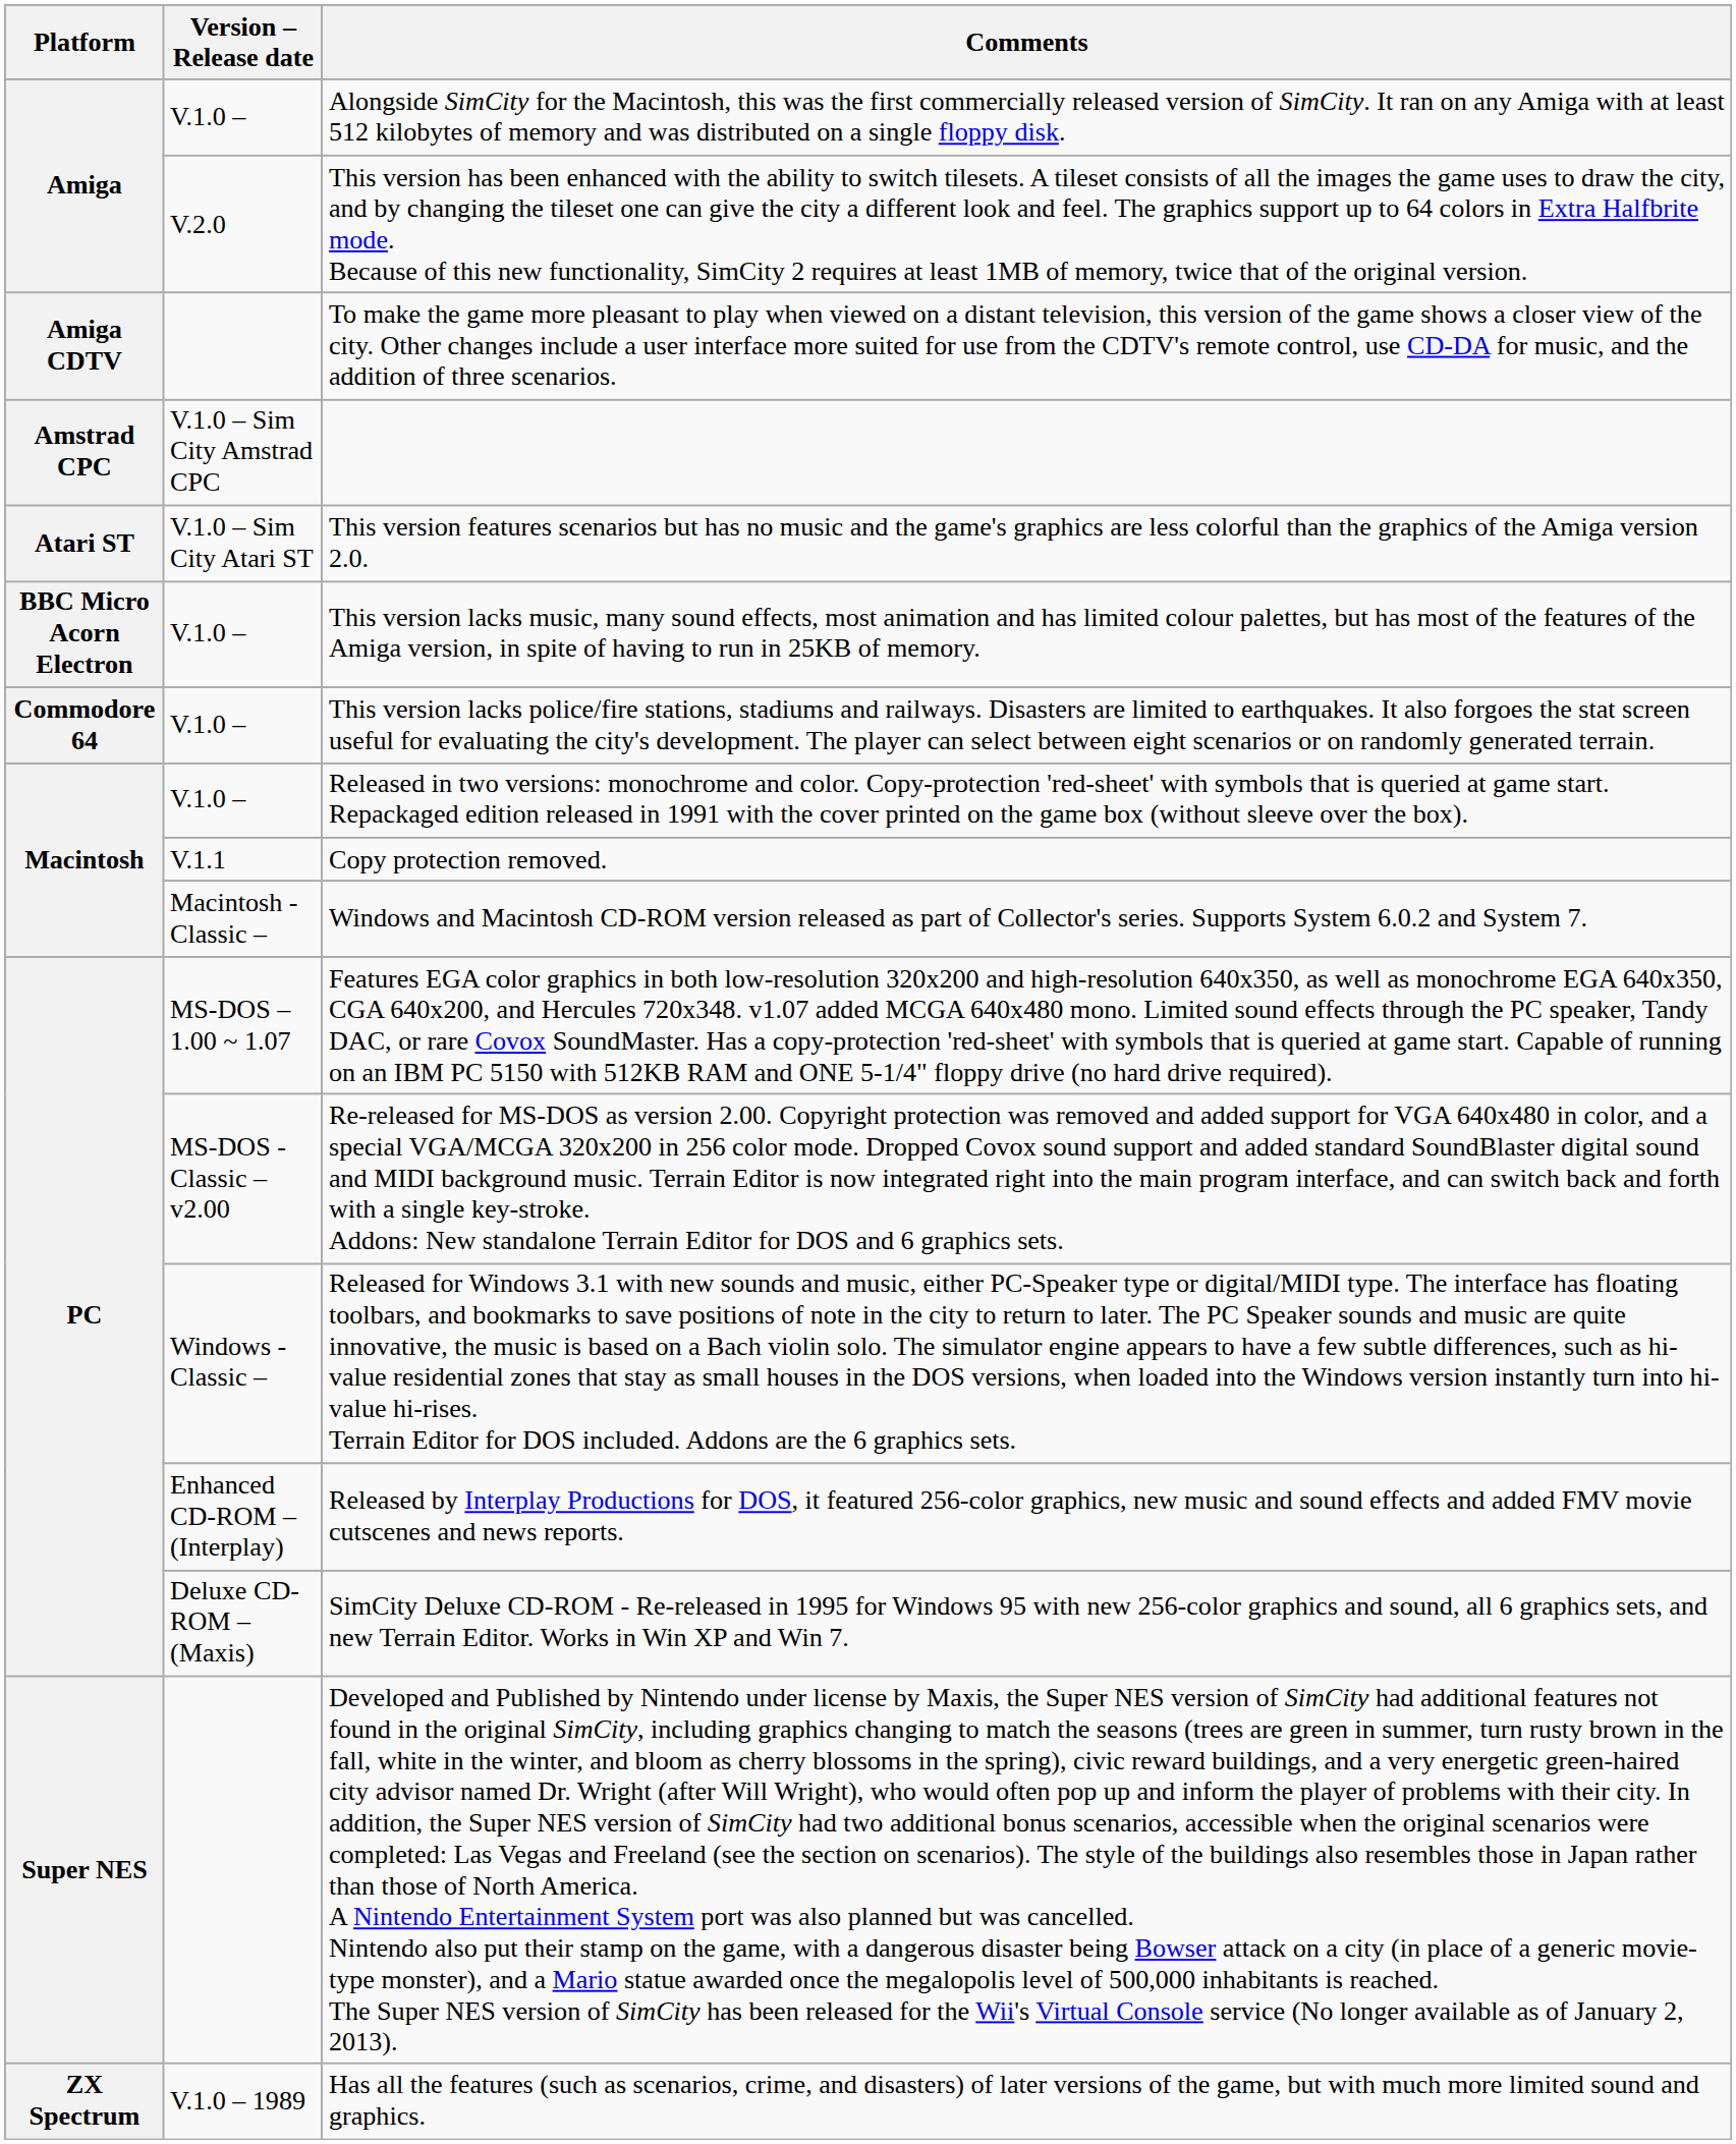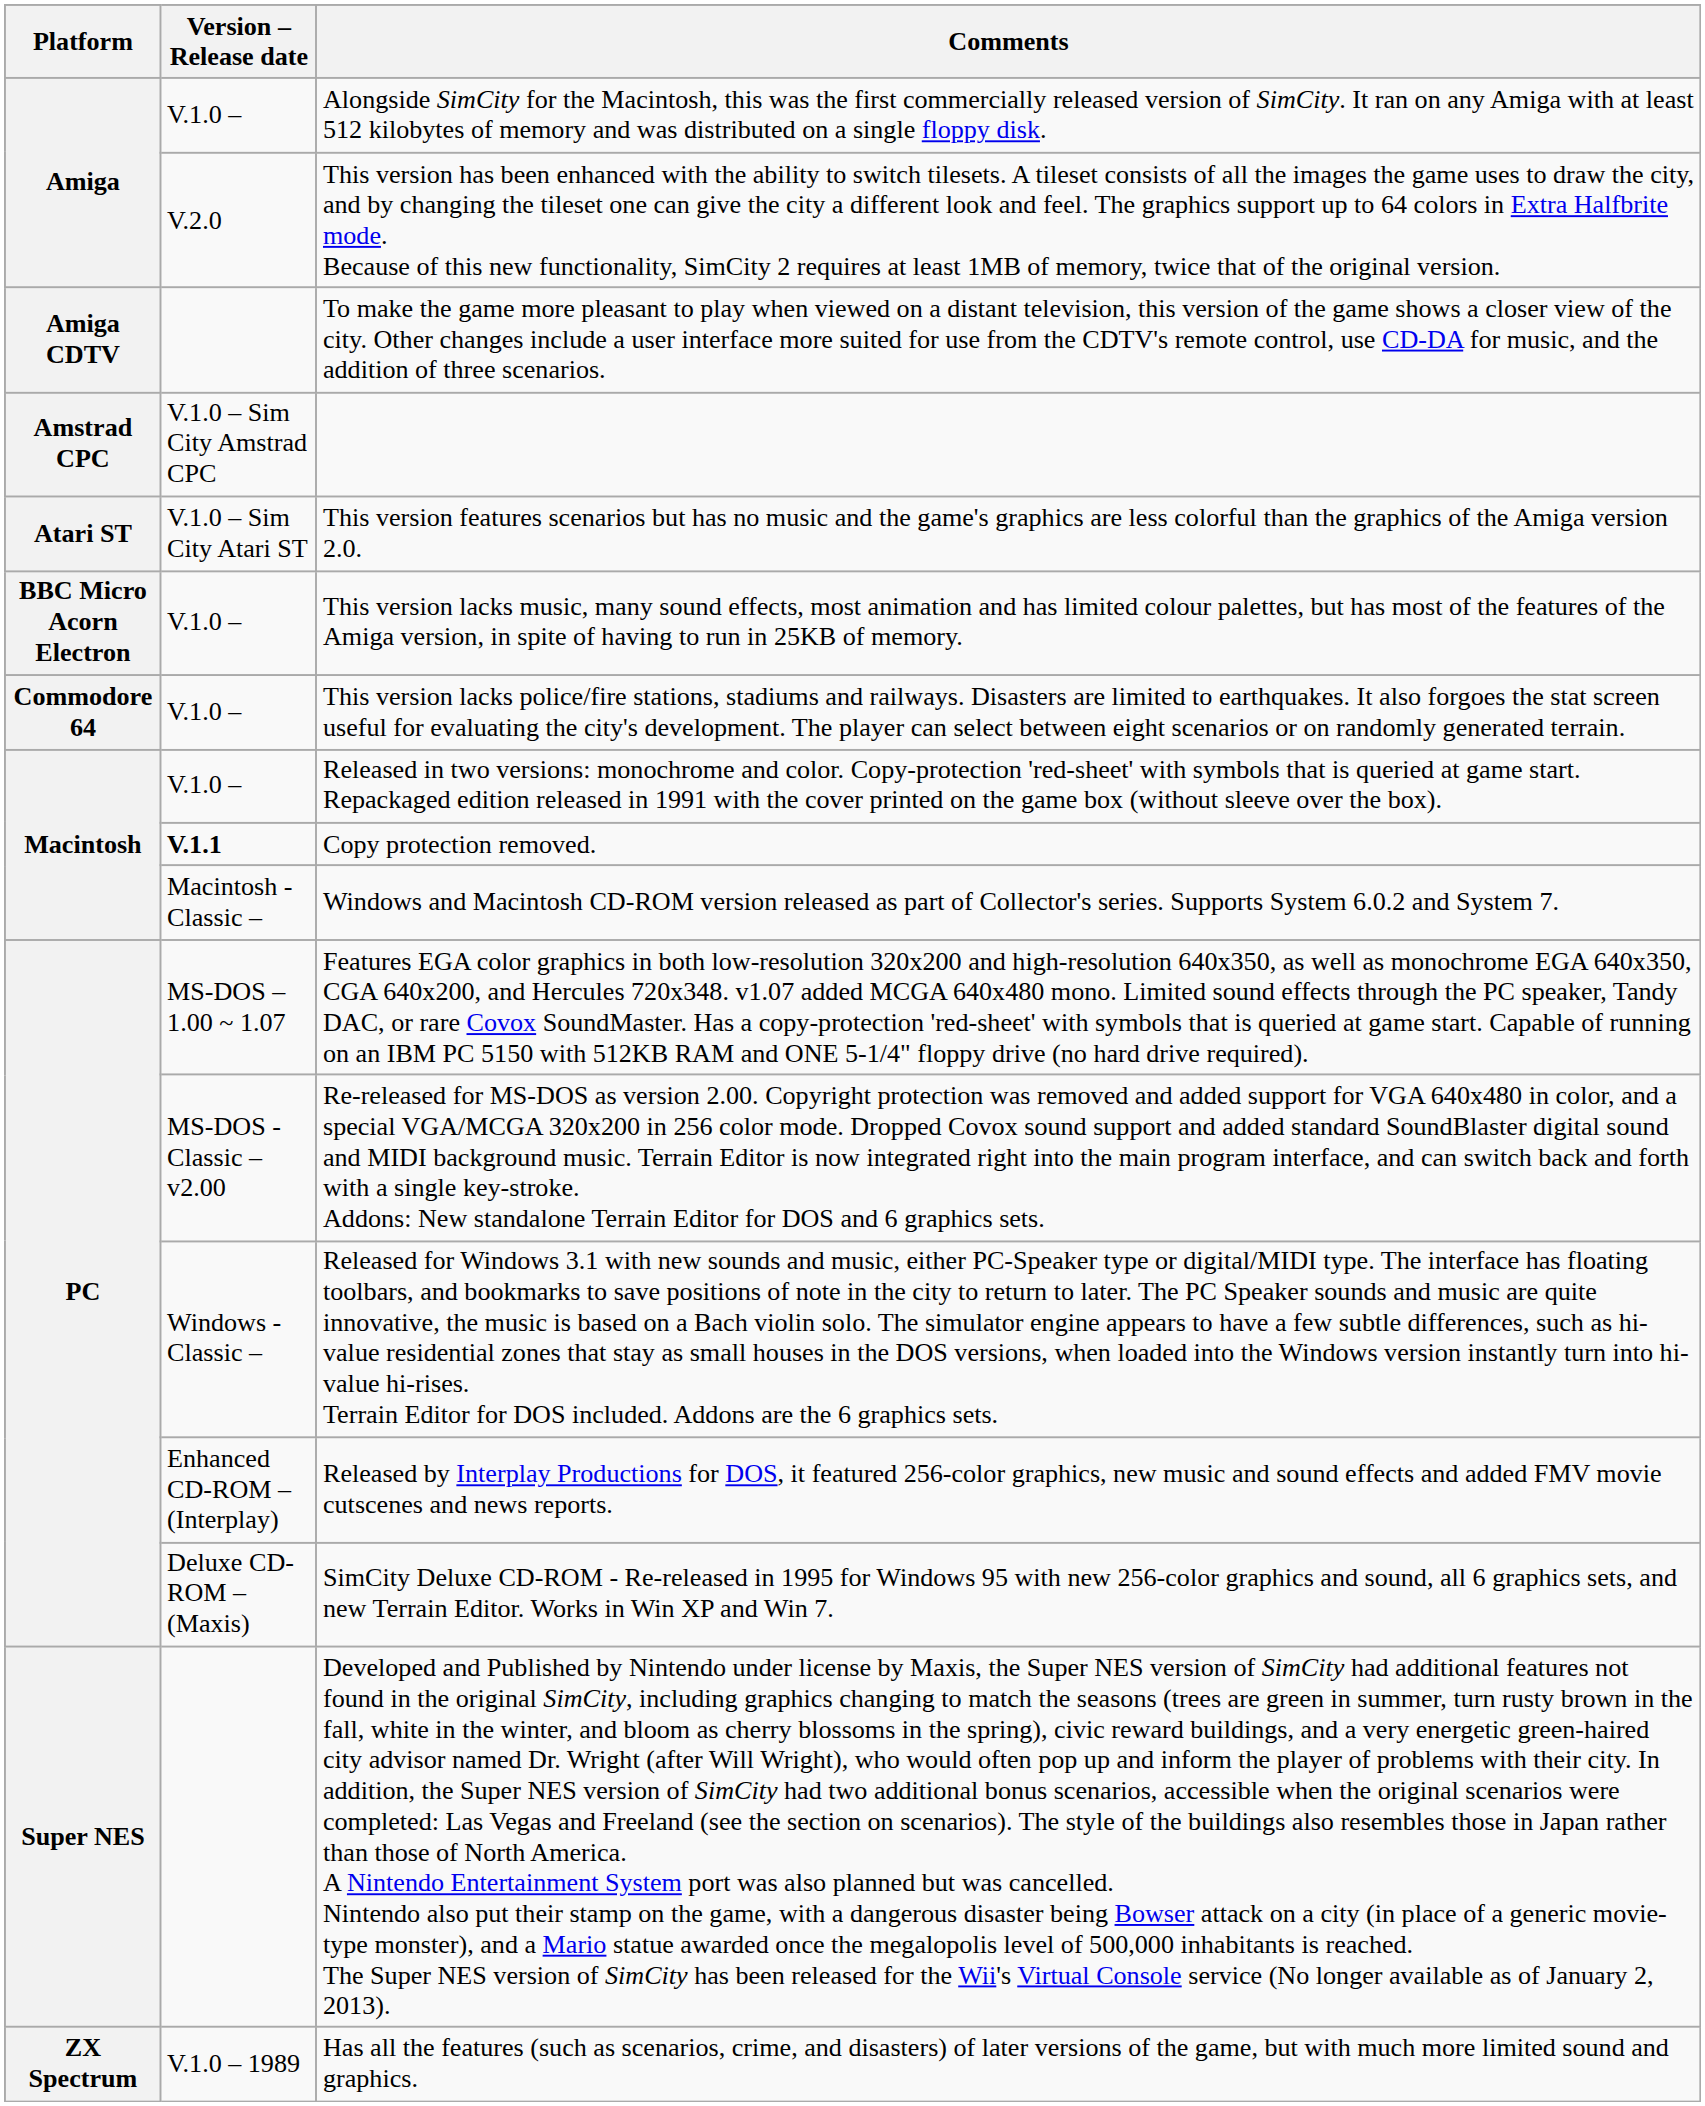 <table class="wikitable sortable" style="width:100%; margin-right:0; clear:both; font-size:85%;">
 <tr>
 <th scope="col">Platform</th>
 <th scope="col">Version – Release date</th>
 <th scope="col">Comments</th>
 </tr>
 <tr>
 <th scope="row" rowspan="2">Amiga</th>
 <td>V.1.0 – </td>
 <td>Alongside <em>SimCity</em> for the Macintosh, this was the first commercially released version of <em>SimCity</em>. It ran on any Amiga with at least 512 kilobytes of memory and was distributed on a single <a href='#'>floppy disk</a>.</td>
 </tr>
 <tr>
 <td>V.2.0</td>
 <td>This version has been enhanced with the ability to switch tilesets. A tileset consists of all the images the game uses to draw the city, and by changing the tileset one can give the city a different look and feel. The graphics support up to 64 colors in <a href='#'>Extra Halfbrite mode</a>.<br>Because of this new functionality, SimCity 2 requires at least 1MB of memory, twice that of the original version.</td>
 </tr>
 <tr>
 <th scope="row">Amiga CDTV</th>
 <td></td>
 <td>To make the game more pleasant to play when viewed on a distant television, this version of the game shows a closer view of the city. Other changes include a user interface more suited for use from the CDTV's remote control, use <a href='#'>CD-DA</a> for music, and the addition of three scenarios.</td>
 </tr>
 <tr>
 <th scope="row">Amstrad CPC</th>
 <td>V.1.0 –  Sim City Amstrad CPC</td>
 </tr>
 <tr>
 <th scope="row">Atari ST</th>
 <td>V.1.0 –  Sim City Atari ST</td>
 <td>This version features scenarios but has no music and the game's graphics are less colorful than the graphics of the Amiga version 2.0.</td>
 </tr>
 <tr>
 <th scope="row">BBC Micro <br>Acorn Electron</th>
 <td>V.1.0 – </td>
 <td>This version lacks music, many sound effects, most animation and has limited colour palettes, but has most of the features of the Amiga version, in spite of having to run in 25KB of memory.</td>
 </tr>
 <tr>
 <th scope="row">Commodore 64</th>
 <td>V.1.0 – </td>
 <td>This version lacks police/fire stations, stadiums and railways. Disasters are limited to earthquakes. It also forgoes the stat screen useful for evaluating the city's development. The player can select between eight scenarios or on randomly generated terrain.</td>
 </tr>
 <tr>
 <th rowspan="3" scope="row">Macintosh</th>
 <td>V.1.0 – </td>
 <td>Released in two versions: monochrome and color. Copy-protection 'red-sheet' with symbols that is queried at game start. Repackaged edition released in 1991 with the cover printed on the game box (without sleeve over the box).</td>
 </tr>
 <tr>
-<td>V.1.1 </td>
+<td><strong>V.1.1 </strong></td>
 <td>Copy protection removed.</td>
 </tr>
 <tr>
 <td>Macintosh - Classic – </td>
 <td>Windows and Macintosh CD-ROM version released as part of Collector's series. Supports System 6.0.2 and System 7.</td>
 </tr>
 <tr>
 <th rowspan="5" scope="row">PC</th>
 <td>MS-DOS – 1.00 ~ 1.07 </td>
 <td>Features EGA color graphics in both low-resolution 320x200 and high-resolution 640x350, as well as monochrome EGA 640x350, CGA 640x200, and Hercules 720x348.  v1.07 added MCGA 640x480 mono.  Limited sound effects through the PC speaker, Tandy DAC, or rare <a href='#'>Covox</a> SoundMaster.  Has a copy-protection 'red-sheet' with symbols that is queried at game start. Capable of running on an IBM PC 5150 with 512KB RAM and ONE 5-1/4" floppy drive (no hard drive required).</td>
 </tr>
 <tr>
 <td>MS-DOS - Classic – v2.00 </td>
 <td>Re-released for MS-DOS as version 2.00. Copyright protection was removed and added support for VGA 640x480 in color, and a special VGA/MCGA 320x200 in 256 color mode.  Dropped Covox sound support and added standard SoundBlaster digital sound and MIDI background music.  Terrain Editor is now integrated right into the main program interface, and can switch back and forth with a single key-stroke.<br>Addons: New standalone Terrain Editor for DOS and 6 graphics sets.</td>
 </tr>
 <tr>
 <td>Windows - Classic –</td>
 <td>Released for Windows 3.1 with new sounds and music, either PC-Speaker type or digital/MIDI type.  The interface has floating toolbars, and bookmarks to save positions of note in the city to return to later.  The PC Speaker sounds and music are quite innovative, the music is based on a Bach violin solo.  The simulator engine appears to have a few subtle differences, such as hi-value residential zones that stay as small houses in the DOS versions, when loaded into the Windows version instantly turn into hi-value hi-rises.<br>Terrain Editor for DOS included.  Addons are the 6 graphics sets.</td>
 </tr>
 <tr>
 <td>Enhanced CD-ROM –<br>(Interplay)</td>
 <td>Released by <a href='#'>Interplay Productions</a> for <a href='#'>DOS</a>, it featured 256-color graphics, new music and sound effects and added FMV movie cutscenes and news reports.</td>
 </tr>
 <tr>
 <td>Deluxe CD-ROM –<br>(Maxis) </td>
 <td>SimCity Deluxe CD-ROM - Re-released in 1995 for Windows 95 with new 256-color graphics and sound, all 6 graphics sets, and new Terrain Editor.  Works in Win XP and Win 7.</td>
 </tr>
 <tr>
 <th scope="row">Super NES</th>
 <td></td>
 <td>Developed and Published by Nintendo under license by Maxis, the Super NES version of <em>SimCity</em> had additional features not found in the original <em>SimCity</em>, including graphics changing to match the seasons (trees are green in summer, turn rusty brown in the fall, white in the winter, and bloom as cherry blossoms in the spring), civic reward buildings, and a very energetic green-haired city advisor named Dr. Wright (after Will Wright), who would often pop up and inform the player of problems with their city. In addition, the Super NES version of <em>SimCity</em> had two additional bonus scenarios, accessible when the original scenarios were completed: Las Vegas and Freeland (see the section on scenarios). The style of the buildings also resembles those in Japan rather than those of North America.<br>A <a href='#'>Nintendo Entertainment System</a> port was also planned but was cancelled.<br>Nintendo also put their stamp on the game, with a dangerous disaster being <a href='#'>Bowser</a> attack on a city (in place of a generic movie-type monster), and a <a href='#'>Mario</a> statue awarded once the megalopolis level of 500,000 inhabitants is reached.<br>The Super NES version of <em>SimCity</em> has been released for the <a href='#'>Wii</a>'s <a href='#'>Virtual Console</a> service (No longer available as of January 2, 2013).</td>
 </tr>
 <tr>
 <th scope="row">ZX Spectrum</th>
 <td>V.1.0 – 1989</td>
 <td>Has all the features (such as scenarios, crime, and disasters) of later versions of the game, but with much more limited sound and graphics.</td>
 </tr>
 </table>
